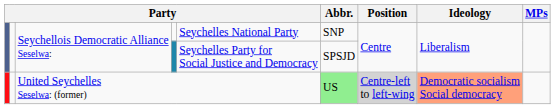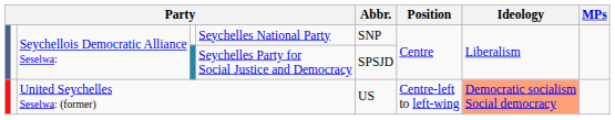 <table class="wikitable">
 <tr>
 <th colspan=5>Party</th>
 <th>Abbr.</th>
 <th>Position</th>
 <th>Ideology</th>
 <th><a href='#'>MPs</a></th>
 </tr>
 <tr>
 <td rowspan=2 bgcolor=#4C608D></td>
 <td rowspan=2></td>
 <td rowspan=2><a href='#'>Seychellois Democratic Alliance</a><small><br><a href='#'>Seselwa</a>: <br></small></td>
 <td bgcolor=></td>
 <td><a href='#'>Seychelles National Party</a></td>
 <td>SNP</td>
 <td rowspan=2><a href='#'>Centre</a></td>
 <td rowspan=2><a href='#'>Liberalism</a></td>
 <td rowspan=2></td>
 </tr>
 <tr>
 <td bgcolor=#1E87AA></td>
 <td><a href='#'>Seychelles Party for<br>Social Justice and Democracy</a></td>
 <td>SPSJD</td>
 </tr>
 <tr>
 <td bgcolor=#FF0D13></td>
 <td></td>
 <td colspan=3><a href='#'>United Seychelles</a><small><br><a href='#'>Seselwa</a>:  (former)<br></small></td>
-<td style="background: lightgreen;">US</td>
-<td style="background: lightgrey;"><a href='#'>Centre-left</a><br>to <a href='#'>left-wing</a></td>
+<td>US</td>
+<td><a href='#'>Centre-left</a><br>to <a href='#'>left-wing</a></td>
 <td style="background: lightsalmon;"><a href='#'>Democratic socialism</a><br><a href='#'>Social democracy</a></td>
 <td></td>
 </tr>
 </table>
